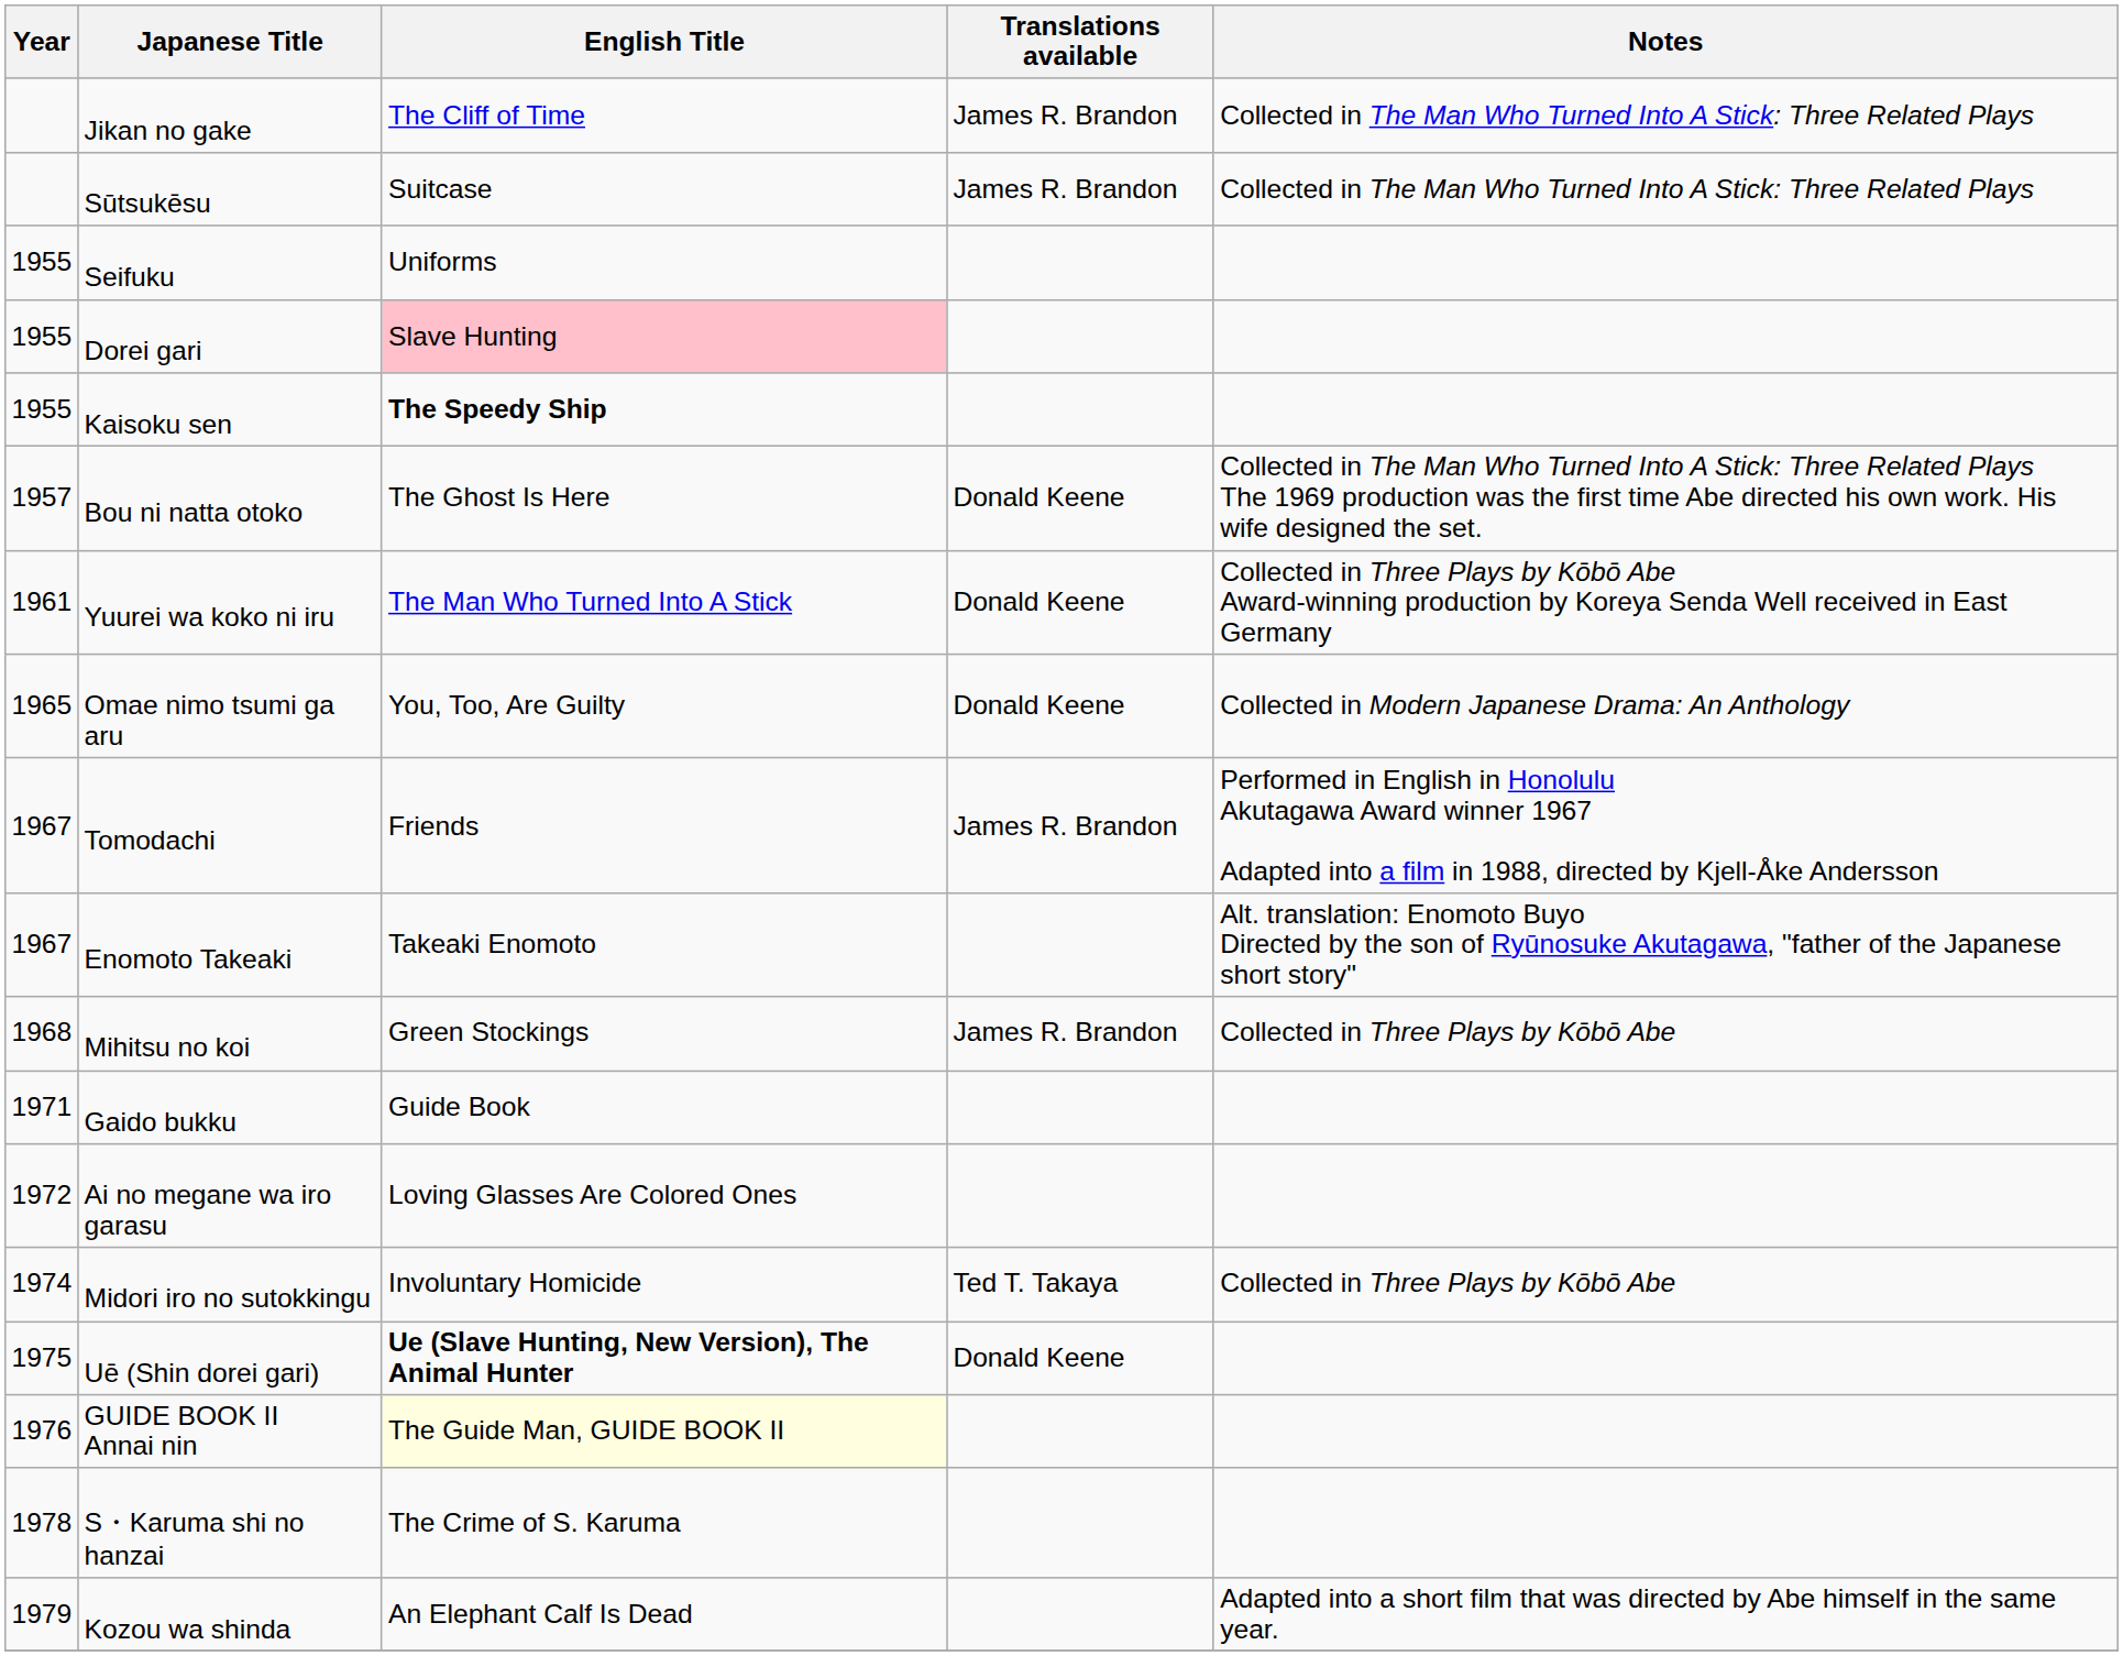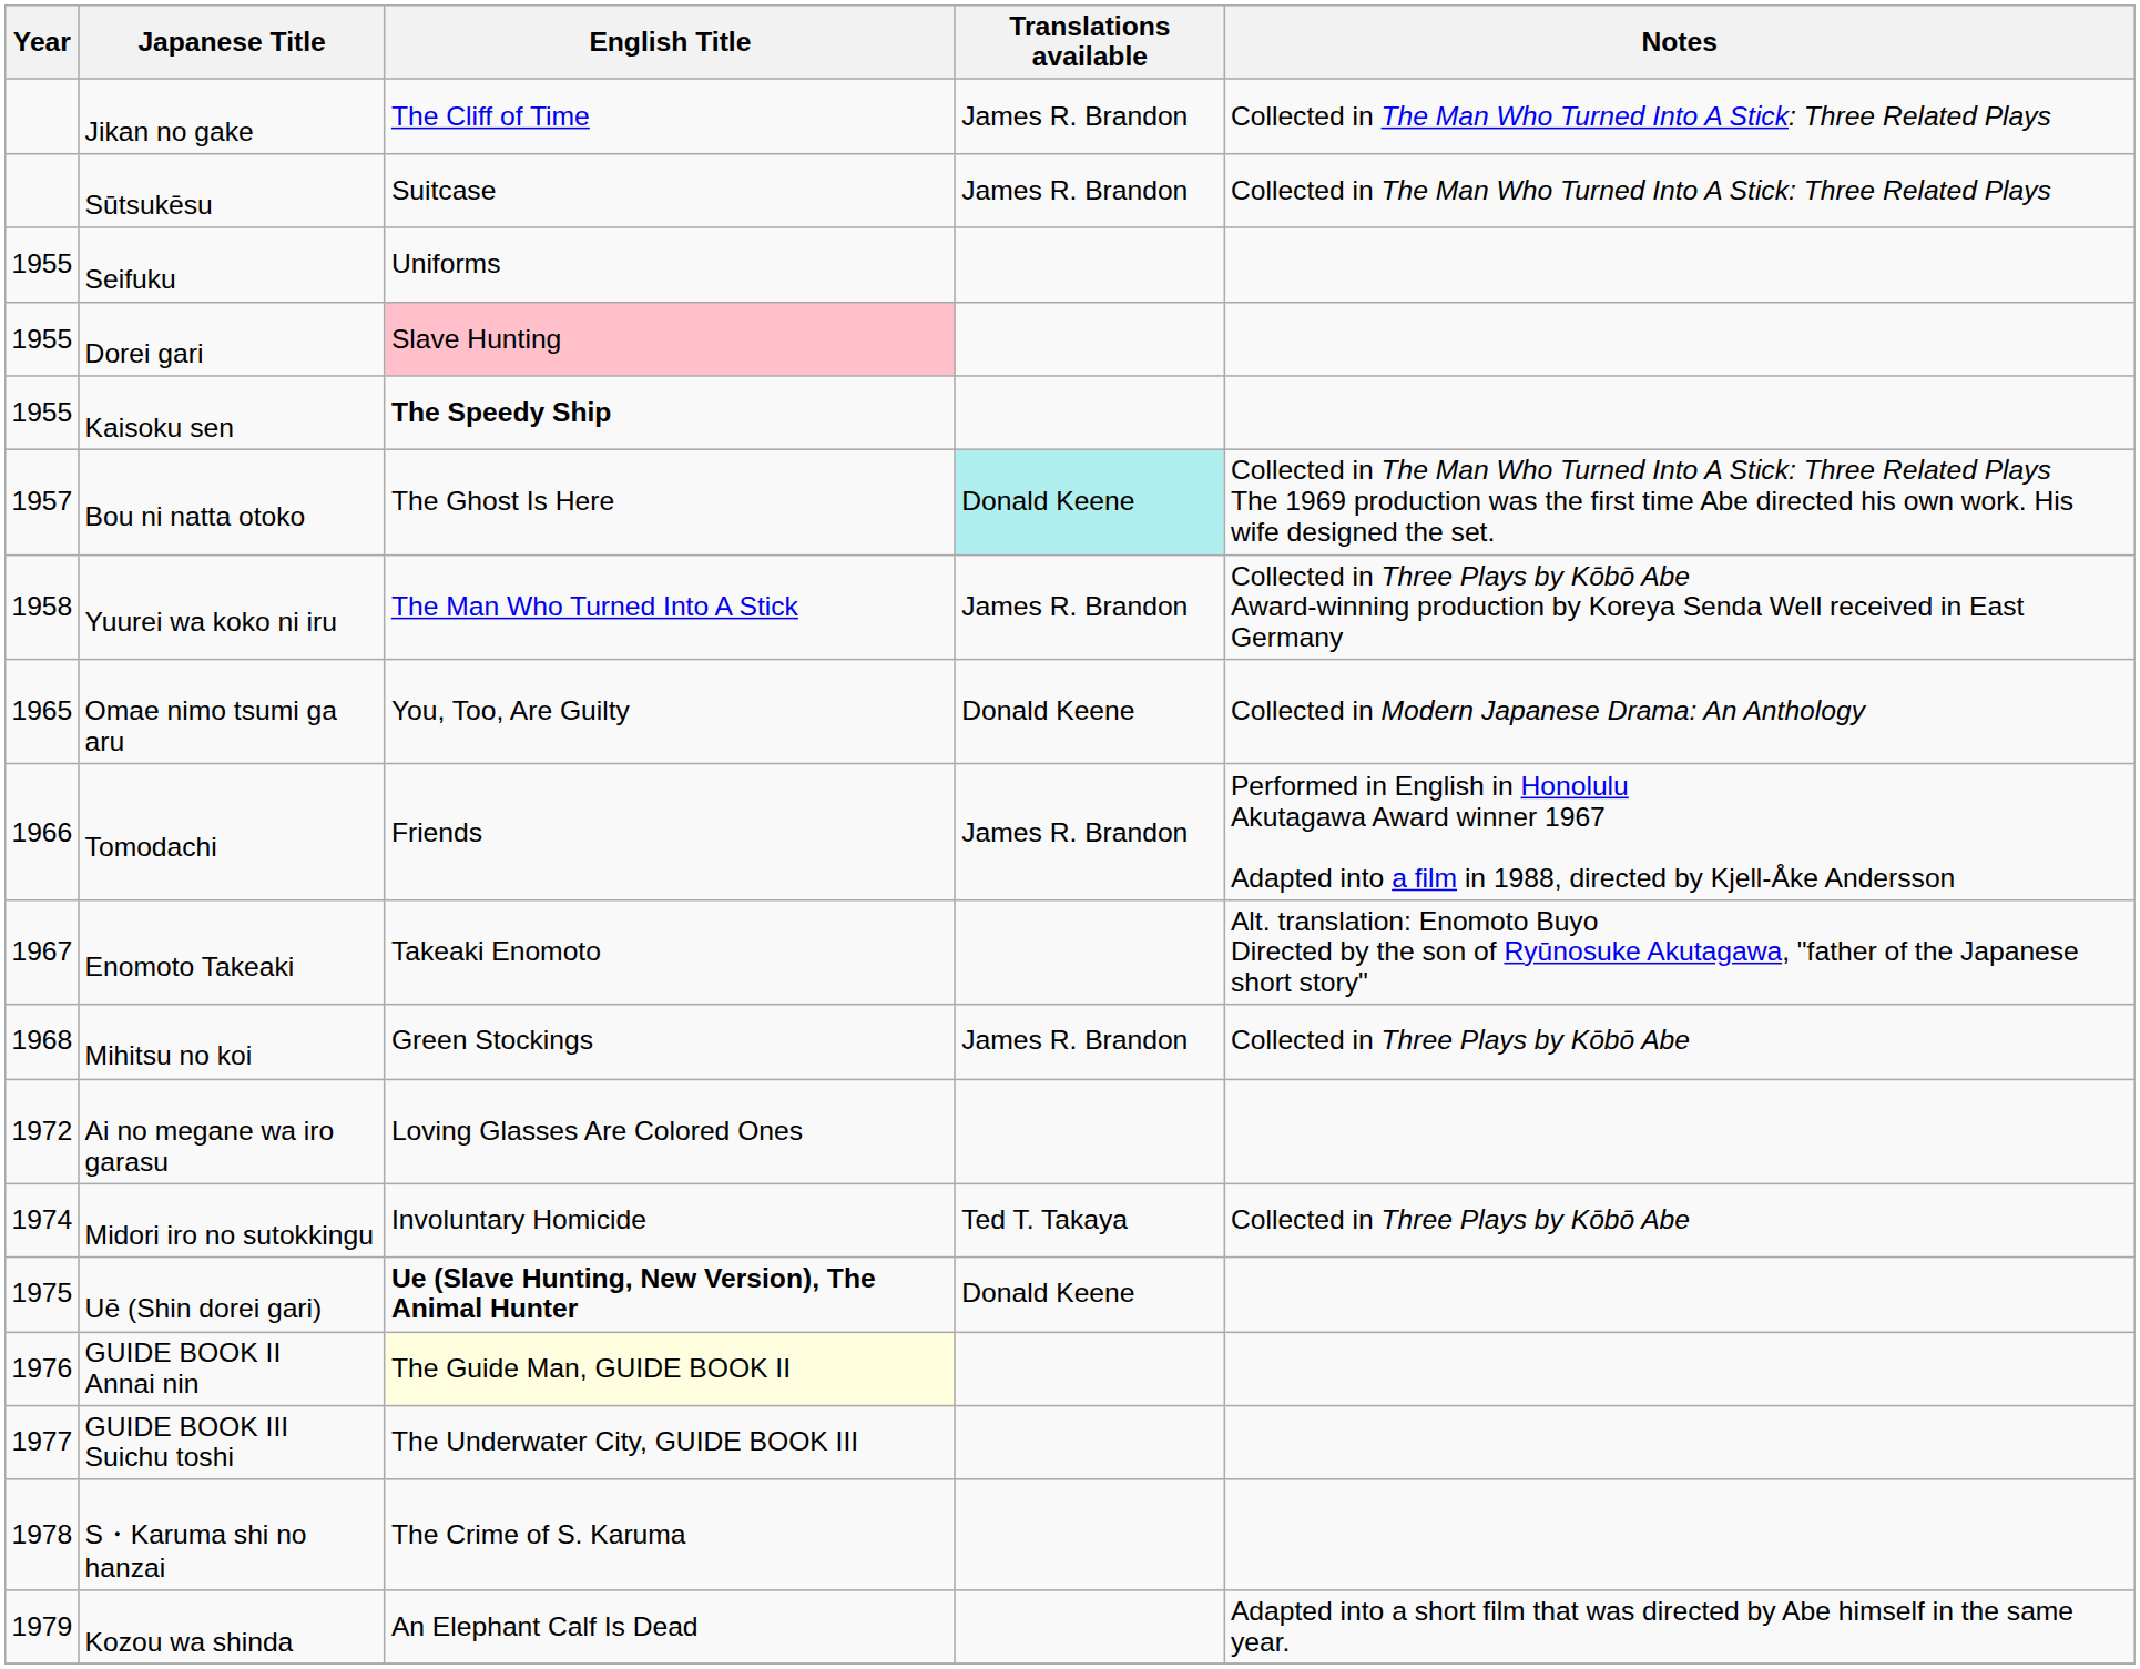 <table class="wikitable">
 <tr>
 <th>Year</th>
 <th>Japanese Title</th>
 <th>English Title</th>
 <th>Translations available</th>
 <th>Notes</th>
 </tr>
 <tr>
 <td></td>
 <td><br>Jikan no gake</td>
 <td><a href='#'>The Cliff of Time</a></td>
 <td>James R. Brandon</td>
 <td>Collected in <em><a href='#'>The Man Who Turned Into A Stick</a>: Three Related Plays</em></td>
 </tr>
 <tr>
 <td></td>
 <td><br>Sūtsukēsu</td>
 <td>Suitcase</td>
 <td>James R. Brandon</td>
 <td>Collected in <em>The Man Who Turned Into A Stick: Three Related Plays</em></td>
 </tr>
 <tr>
 <td>1955</td>
 <td><br>Seifuku</td>
 <td>Uniforms</td>
 <td></td>
 <td></td>
 </tr>
 <tr>
 <td>1955</td>
 <td><br>Dorei gari</td>
 <td style="background: pink;">Slave Hunting</td>
 <td></td>
 <td></td>
 </tr>
 <tr>
 <td>1955</td>
 <td><br>Kaisoku sen</td>
 <td><strong>The Speedy Ship</strong></td>
 <td></td>
 <td></td>
 </tr>
 <tr>
 <td>1957</td>
 <td><br>Bou ni natta otoko</td>
 <td>The Ghost Is Here</td>
-<td>Donald Keene</td>
+<td style="background: paleturquoise;">Donald Keene</td>
 <td>Collected in <em>The Man Who Turned Into A Stick: Three Related Plays</em><br>The 1969 production was the first time Abe directed his own work. His wife designed the set.</td>
 </tr>
 <tr>
-<td>1961</td>
+<td>1958</td>
 <td><br>Yuurei wa koko ni iru</td>
 <td><a href='#'>The Man Who Turned Into A Stick</a></td>
-<td>Donald Keene</td>
+<td>James R. Brandon</td>
 <td>Collected in <em>Three Plays by Kōbō Abe</em><br>Award-winning production by Koreya Senda  Well received in East Germany</td>
 </tr>
 <tr>
 <td>1965</td>
 <td><br>Omae nimo tsumi ga aru</td>
 <td>You, Too, Are Guilty</td>
 <td>Donald Keene</td>
 <td>Collected in <em>Modern Japanese Drama: An Anthology</em></td>
 </tr>
 <tr>
-<td>1967</td>
+<td>1966</td>
 <td><br>Tomodachi</td>
 <td>Friends</td>
 <td>James R. Brandon</td>
 <td>Performed in English in <a href='#'>Honolulu</a><br> Akutagawa Award winner 1967 <br><br>Adapted into <a href='#'>a film</a> in 1988, directed by Kjell-Åke Andersson</td>
 </tr>
 <tr>
 <td>1967</td>
 <td><br>Enomoto Takeaki</td>
 <td>Takeaki Enomoto</td>
 <td></td>
 <td>Alt. translation: Enomoto Buyo<br>Directed by the son of <a href='#'>Ryūnosuke Akutagawa</a>, "father of the Japanese short story"</td>
 </tr>
 <tr>
 <td>1968</td>
 <td><br>Mihitsu no koi</td>
 <td>Green Stockings</td>
 <td>James R. Brandon</td>
 <td>Collected in <em>Three Plays by Kōbō Abe</em></td>
-</tr>
-<tr>
-<td>1971</td>
-<td><br>Gaido bukku</td>
-<td>Guide Book</td>
-<td></td>
-<td></td>
 </tr>
 <tr>
 <td>1972</td>
 <td><br>Ai no megane wa iro garasu</td>
 <td>Loving Glasses Are Colored Ones</td>
 <td></td>
 <td></td>
 </tr>
 <tr>
 <td>1974</td>
 <td><br>Midori iro no sutokkingu</td>
 <td>Involuntary Homicide</td>
 <td>Ted T. Takaya</td>
 <td>Collected in <em>Three Plays by Kōbō Abe</em></td>
 </tr>
 <tr>
 <td>1975</td>
 <td><br>Uē (Shin dorei gari)</td>
 <td><strong>Ue (Slave Hunting, New Version), The Animal Hunter</strong></td>
 <td>Donald Keene</td>
 <td></td>
 </tr>
 <tr>
 <td>1976</td>
 <td>GUIDE BOOK II<br>Annai nin</td>
 <td style="background: lightyellow;">The Guide Man, GUIDE BOOK II</td>
 <td></td>
 <td></td>
 </tr>
 <tr>
+<td>1977</td>
+<td>GUIDE BOOK III<br>Suichu toshi</td>
+<td>The Underwater City, GUIDE BOOK III</td>
+<td></td>
+<td></td>
+</tr>
+<tr>
 <td>1978</td>
 <td><br>S・Karuma shi no hanzai</td>
 <td>The Crime of S. Karuma</td>
 <td></td>
 <td></td>
 </tr>
 <tr>
 <td>1979</td>
 <td><br>Kozou wa shinda</td>
 <td>An Elephant Calf Is Dead</td>
 <td></td>
 <td>Adapted into a short film that was directed by Abe himself in the same year.</td>
 </tr>
 <tr>
 </tr>
 </table>
